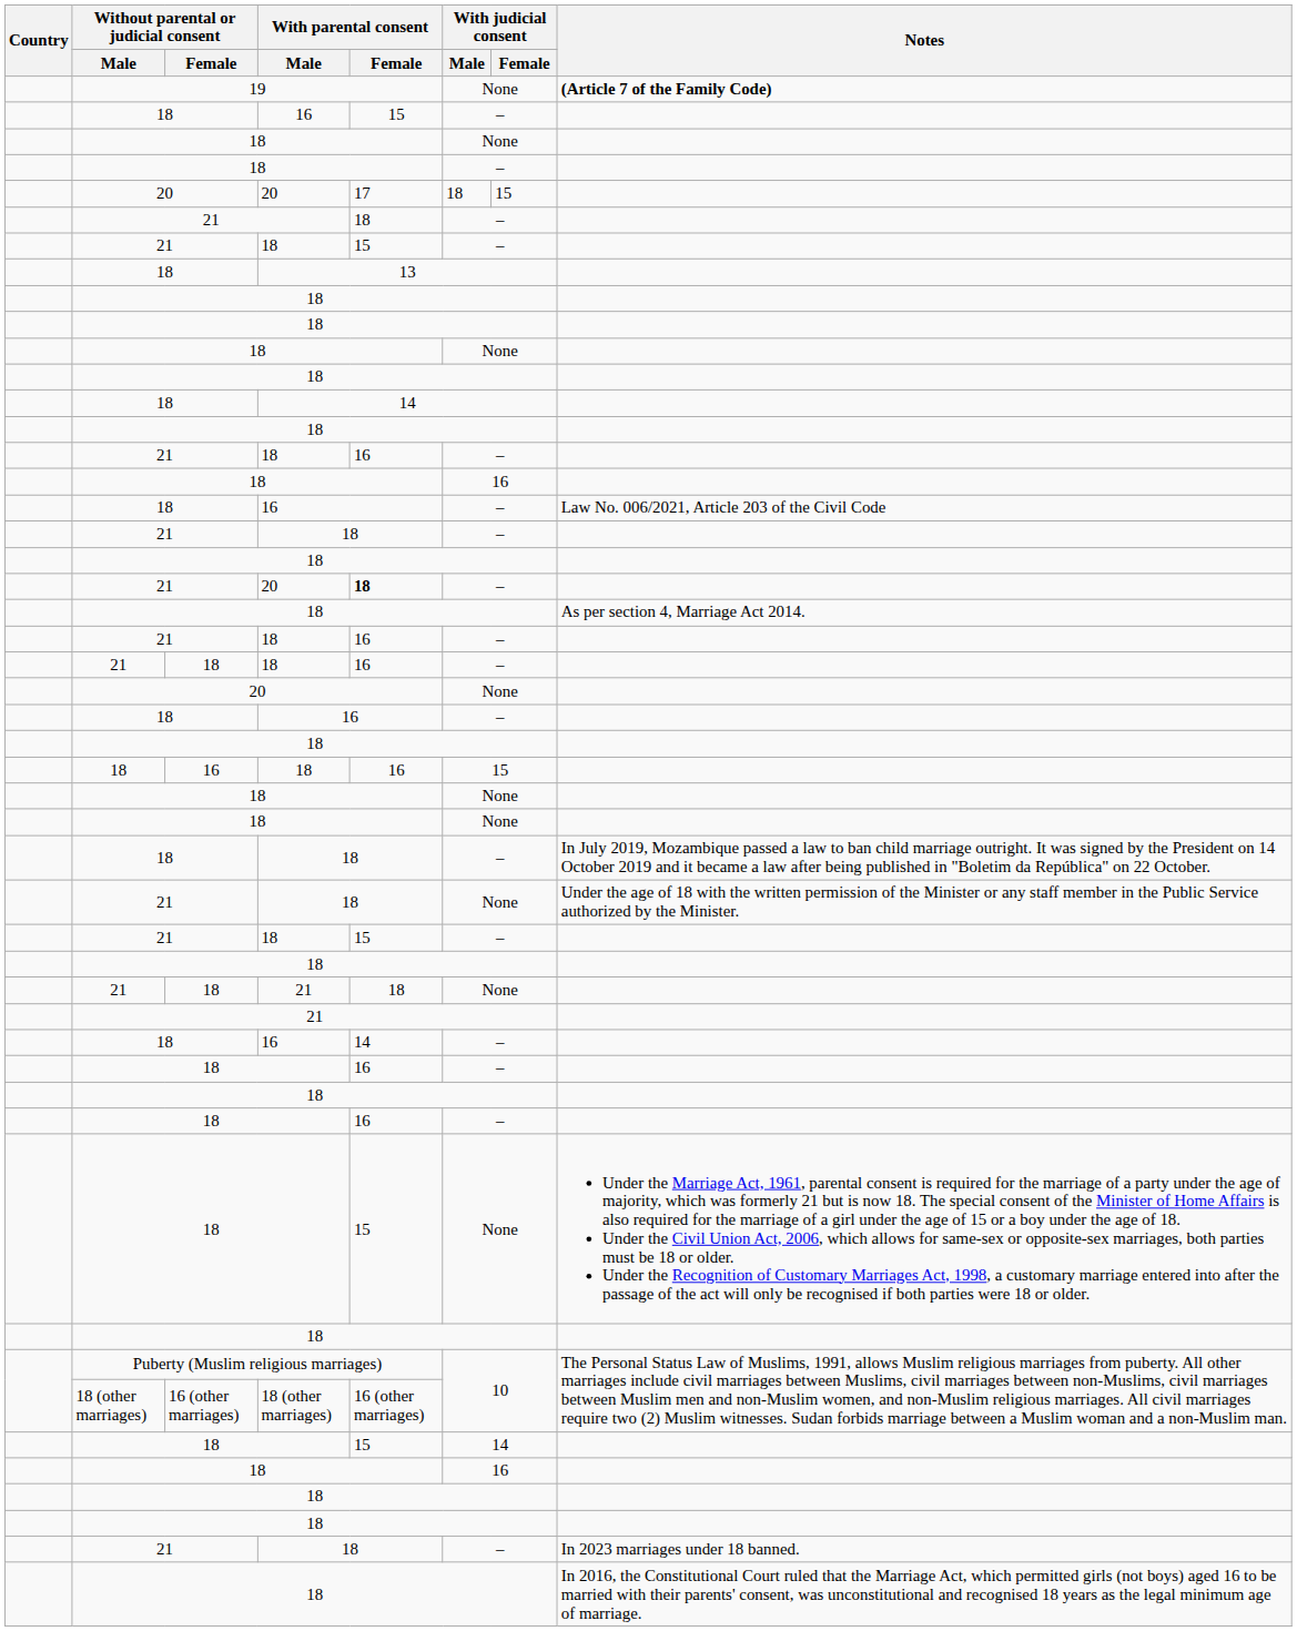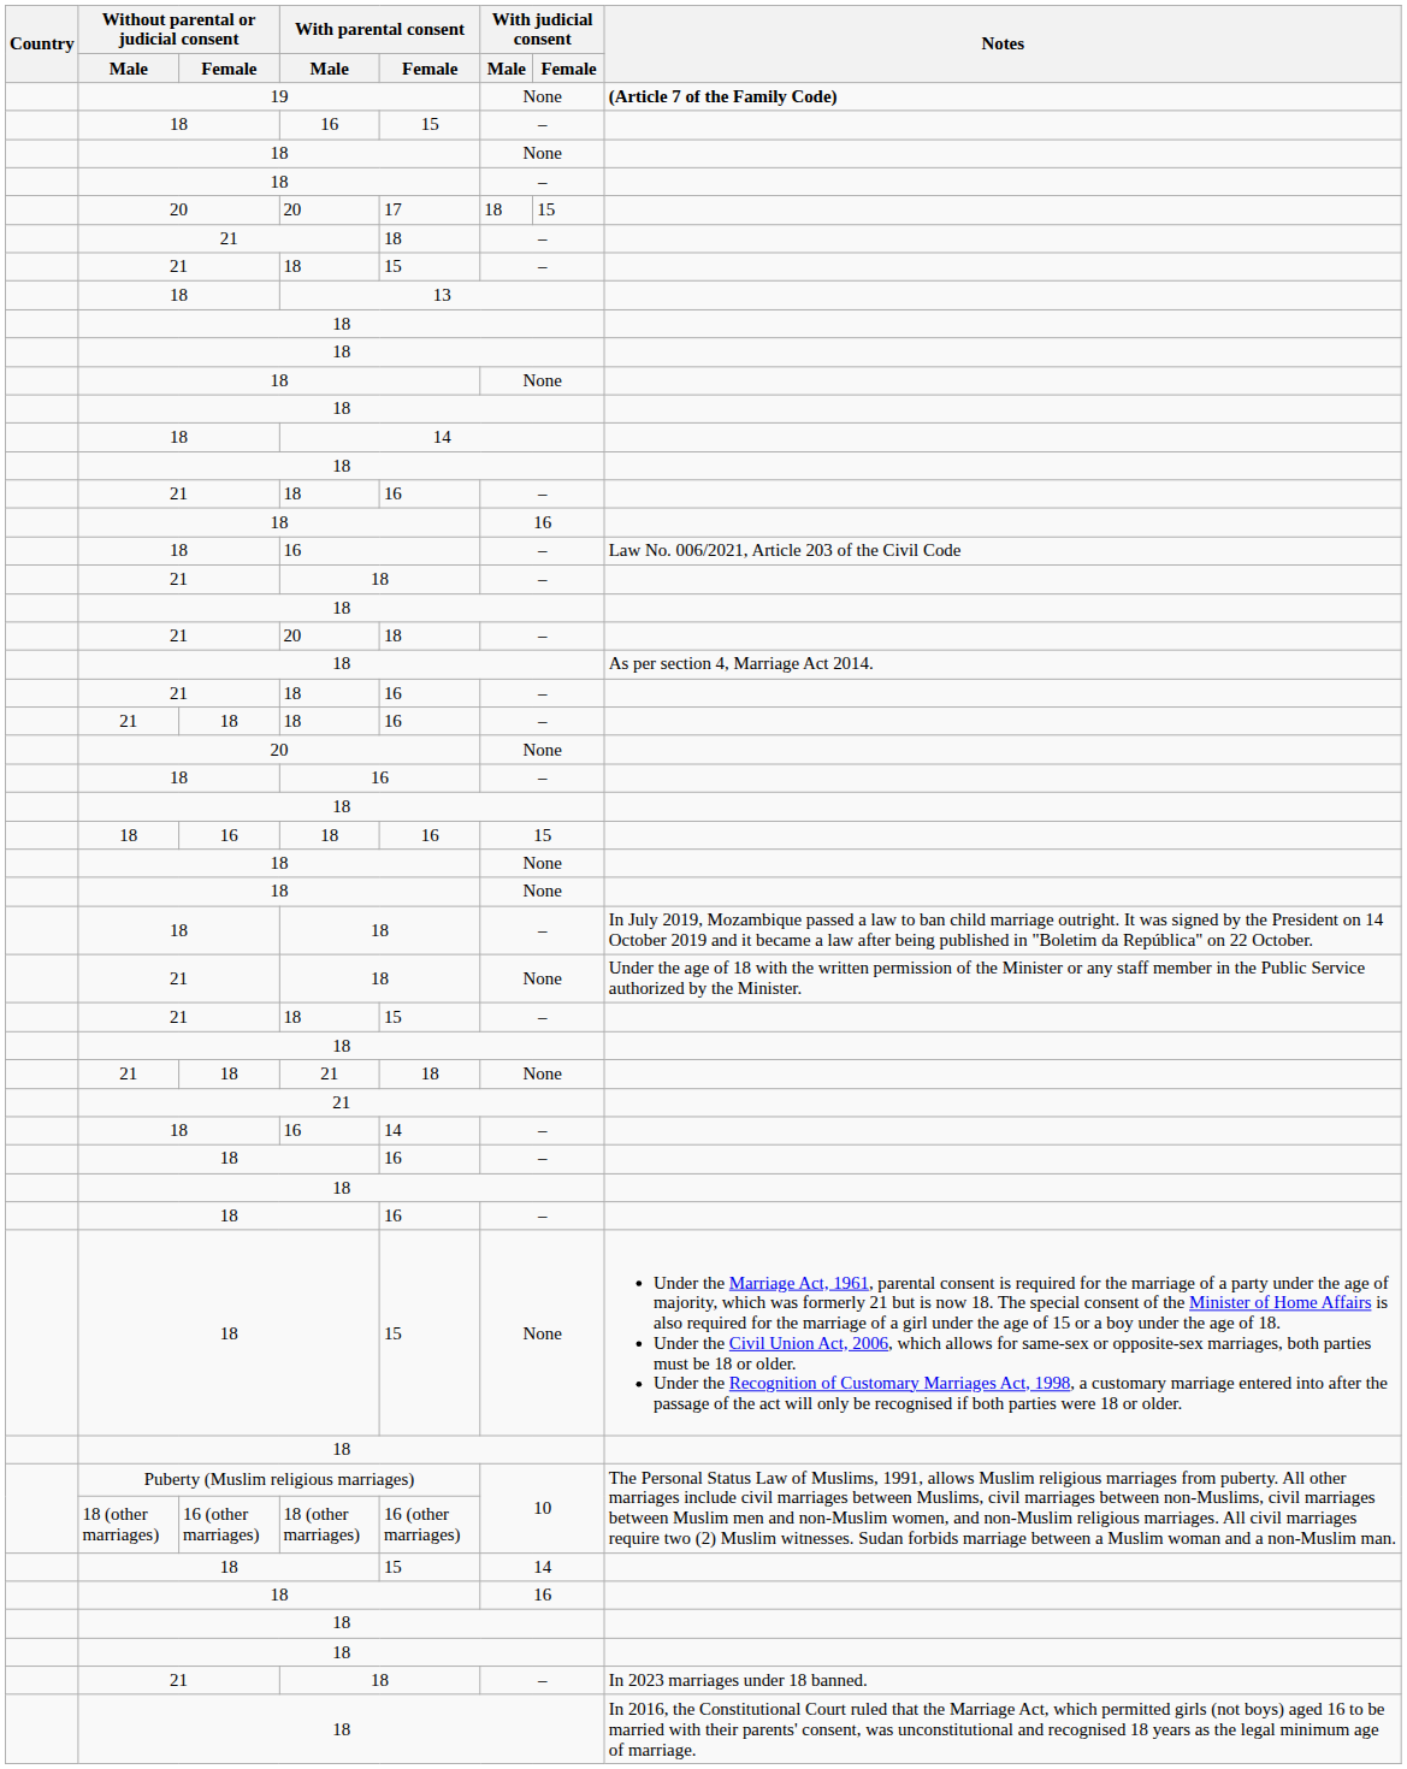 <table class="wikitable sortable">
 <tr>
 <th rowspan=2>Country</th>
 <th colspan=2>Without parental or judicial consent</th>
 <th colspan=2>With parental consent</th>
 <th colspan=2>With judicial consent</th>
 <th rowspan=2>Notes</th>
 </tr>
 <tr>
 <th>Male</th>
 <th>Female</th>
 <th>Male</th>
 <th>Female</th>
 <th>Male</th>
 <th>Female</th>
 </tr>
 <tr>
 <td></td>
 <td colspan=4 style="text-align:center;">19</td>
 <td colspan=2 style="text-align:center;">None</td>
 <td><strong>(Article 7 of the Family Code)</strong></td>
 </tr>
 <tr>
 <td></td>
 <td colspan=2 style="text-align:center;">18</td>
 <td style="text-align:center;">16</td>
 <td style="text-align:center;">15</td>
 <td colspan=2 style="text-align:center;">–</td>
 <td></td>
 </tr>
 <tr>
 <td></td>
 <td colspan=4 style="text-align:center;">18</td>
 <td colspan=2 style="text-align:center;">None</td>
 <td></td>
 </tr>
 <tr>
 <td></td>
 <td colspan="4" style="text-align:center;">18</td>
 <td colspan="2" style="text-align:center;">–</td>
 <td></td>
 </tr>
 <tr>
 <td></td>
 <td colspan=2 style="text-align:center;">20</td>
 <td>20</td>
 <td>17</td>
 <td>18</td>
 <td>15</td>
 <td></td>
 </tr>
 <tr>
 <td></td>
 <td colspan=3 style="text-align:center;">21</td>
 <td>18</td>
 <td colspan=2 style="text-align:center;">–</td>
 <td></td>
 </tr>
 <tr>
 <td></td>
 <td colspan=2 style="text-align:center;">21</td>
 <td>18</td>
 <td>15</td>
 <td colspan=2 style="text-align:center;">–</td>
 <td></td>
 </tr>
 <tr>
 <td></td>
 <td colspan="2" align="center">18</td>
 <td colspan="4" align="center">13</td>
 <td></td>
 </tr>
 <tr>
 <td></td>
 <td colspan="6" style="text-align:center;">18</td>
 <td></td>
 </tr>
 <tr>
 <td></td>
 <td colspan=6 style="text-align:center;">18</td>
 <td></td>
 </tr>
 <tr>
 <td></td>
 <td colspan=4 style="text-align:center;">18</td>
 <td colspan=2 style="text-align:center;">None</td>
 <td></td>
 </tr>
 <tr>
 <td></td>
 <td colspan=6 style="text-align:center;">18</td>
 <td></td>
 </tr>
 <tr>
 <td></td>
 <td colspan="2" style="text-align:center;">18</td>
 <td colspan="4" style="text-align:center;">14</td>
 <td></td>
 </tr>
 <tr>
 <td></td>
 <td colspan=6 style="text-align:center;">18</td>
 <td></td>
 </tr>
 <tr>
 <td></td>
 <td colspan=2 style="text-align:center;">21</td>
 <td>18</td>
 <td>16</td>
 <td colspan=2 style="text-align:center;">–</td>
 </tr>
 <tr>
 <td></td>
 <td colspan=4 style="text-align:center;">18</td>
 <td colspan=2 style="text-align:center;">16</td>
 <td></td>
 </tr>
 <tr>
 <td></td>
 <td colspan="2" style="text-align:center;">18</td>
 <td colspan="2">16</td>
 <td colspan="2" style="text-align:center;">–</td>
 <td>Law No. 006/2021, Article 203 of the Civil Code</td>
 </tr>
 <tr>
 <td></td>
 <td colspan=2 style="text-align:center;">21</td>
 <td colspan=2 style="text-align:center;">18</td>
 <td colspan=2 style="text-align:center;">–</td>
 <td></td>
 </tr>
 <tr>
 <td></td>
 <td colspan=6 style="text-align:center;">18</td>
 <td></td>
 </tr>
 <tr>
 <td></td>
 <td colspan=2 style="text-align:center;">21</td>
 <td>20</td>
-<td><strong>18</strong></td>
+<td>18</td>
 <td colspan=2 style="text-align:center;">–</td>
 <td></td>
 </tr>
 <tr>
 <td></td>
 <td colspan=6 style="text-align:center;">18</td>
 <td>As per section 4, Marriage Act 2014.</td>
 </tr>
 <tr>
 <td></td>
 <td colspan=2 style="text-align:center;">21</td>
 <td>18</td>
 <td>16</td>
 <td colspan=2 style="text-align:center;">–</td>
 <td></td>
 </tr>
 <tr>
 <td></td>
 <td align=center>21</td>
 <td align=center>18</td>
 <td>18</td>
 <td>16</td>
 <td colspan=2 style="text-align:center;">–</td>
 <td></td>
 </tr>
 <tr>
 <td></td>
 <td colspan=4 style="text-align:center;">20</td>
 <td colspan=2 style="text-align:center;">None</td>
 <td></td>
 </tr>
 <tr>
 <td></td>
 <td colspan=2 style="text-align:center;">18</td>
 <td colspan=2 style="text-align:center;">16</td>
 <td colspan=2 style="text-align:center;">–</td>
 <td></td>
 </tr>
 <tr>
 <td></td>
 <td colspan=6 style="text-align:center;">18</td>
 <td></td>
 </tr>
 <tr>
 <td></td>
 <td align=center>18</td>
 <td align=center>16</td>
 <td align=center>18</td>
 <td align=center>16</td>
 <td colspan=2 style="text-align:center;">15</td>
 <td></td>
 </tr>
 <tr>
 <td></td>
 <td colspan=4 style="text-align:center;">18</td>
 <td colspan=2 style="text-align:center;">None</td>
 <td></td>
 </tr>
 <tr>
 <td></td>
 <td colspan=4 style="text-align:center;">18</td>
 <td colspan=2 style="text-align:center;">None</td>
 <td></td>
 </tr>
 <tr>
 <td></td>
 <td colspan=2 style="text-align:center;">18</td>
 <td colspan=2 style="text-align:center;">18</td>
 <td colspan=2 style="text-align:center;">–</td>
 <td>In July 2019, Mozambique passed a law to ban child marriage outright. It was signed by the President on 14 October 2019 and it became a law after being published in "Boletim da República" on 22 October.</td>
 </tr>
 <tr>
 <td></td>
 <td colspan=2 style="text-align:center;">21</td>
 <td colspan=2 style="text-align:center;">18</td>
 <td colspan=2 style="text-align:center;">None</td>
 <td>Under the age of 18 with the written permission of the Minister or any staff member in the Public Service authorized by the Minister.</td>
 </tr>
 <tr>
 <td></td>
 <td colspan=2 style="text-align:center;">21</td>
 <td>18</td>
 <td>15</td>
 <td colspan=2 style="text-align:center;">–</td>
 <td></td>
 </tr>
 <tr>
 <td></td>
 <td colspan=6 style="text-align:center;">18</td>
 <td></td>
 </tr>
 <tr>
 <td></td>
 <td align=center>21</td>
 <td align=center>18</td>
 <td align=center>21</td>
 <td align=center>18</td>
 <td colspan=2 style="text-align:center;">None</td>
 <td></td>
 </tr>
 <tr>
 <td></td>
 <td colspan=6 style="text-align:center;">21</td>
 <td></td>
 </tr>
 <tr>
 <td></td>
 <td colspan=2 style="text-align:center;">18</td>
 <td>16</td>
 <td>14</td>
 <td colspan=2 style="text-align:center;">–</td>
 <td></td>
 </tr>
 <tr>
 <td></td>
 <td colspan=3 style="text-align:center;">18</td>
 <td>16</td>
 <td colspan=2 style="text-align:center;">–</td>
 <td></td>
 </tr>
 <tr>
 <td></td>
 <td colspan=6 style="text-align:center;">18</td>
 <td></td>
 </tr>
 <tr>
 <td></td>
 <td colspan=3 style="text-align:center;">18</td>
 <td>16</td>
 <td colspan=2 style="text-align:center;">–</td>
 <td></td>
 </tr>
 <tr>
 <td></td>
 <td colspan=3 style="text-align:center;">18</td>
 <td>15</td>
 <td colspan=2 style="text-align:center;">None</td>
 <td><br><ul><li>Under the <a href='#'>Marriage Act, 1961</a>, parental consent is required for the marriage of a party under the age of majority, which was formerly 21 but is now 18. The special consent of the <a href='#'>Minister of Home Affairs</a> is also required for the marriage of a girl under the age of 15 or a boy under the age of 18.</li><li>Under the <a href='#'>Civil Union Act, 2006</a>, which allows for same-sex or opposite-sex marriages, both parties must be 18 or older.</li><li>Under the <a href='#'>Recognition of Customary Marriages Act, 1998</a>, a customary marriage entered into after the passage of the act will only be recognised if both parties were 18 or older.</li></ul></td>
 </tr>
 <tr>
 <td></td>
 <td colspan=6 style="text-align:center;">18</td>
 <td></td>
 </tr>
 <tr>
 <td rowspan=2></td>
 <td style="text-align:center;" colspan=4>Puberty (Muslim religious marriages)</td>
 <td colspan="2" rowspan=2 style="text-align:center;">10</td>
 <td rowspan=2>The Personal Status Law of Muslims, 1991, allows Muslim religious marriages from puberty. All other marriages include civil marriages between Muslims, civil marriages between non-Muslims, civil marriages between Muslim men and non-Muslim women, and non-Muslim religious marriages. All civil marriages require two (2) Muslim witnesses. Sudan forbids marriage between a Muslim woman and a non-Muslim man.</td>
 </tr>
 <tr>
 <td>18 (other marriages)</td>
 <td>16 (other marriages)</td>
 <td>18 (other marriages)</td>
 <td>16 (other marriages)</td>
 </tr>
 <tr>
 <td></td>
 <td colspan=3 style="text-align:center;">18</td>
 <td>15</td>
 <td colspan=2 align=center>14</td>
 <td></td>
 </tr>
 <tr>
 <td></td>
 <td colspan=4 style="text-align:center;">18</td>
 <td colspan=2 style="text-align:center;">16</td>
 <td></td>
 </tr>
 <tr>
 <td></td>
 <td colspan=6 style="text-align:center;">18</td>
 <td></td>
 </tr>
 <tr>
 <td></td>
 <td colspan=6 style="text-align:center;">18</td>
 <td></td>
 </tr>
 <tr>
 <td></td>
 <td colspan=2 style="text-align:center;">21</td>
 <td colspan=2 style="text-align:center;">18</td>
 <td colspan=2 style="text-align:center;">–</td>
 <td>In 2023 marriages under 18 banned.</td>
 </tr>
 <tr>
 <td></td>
 <td colspan=6 style="text-align:center;">18</td>
 <td>In 2016, the Constitutional Court ruled that the Marriage Act, which permitted girls (not boys) aged 16 to be married with their parents' consent, was unconstitutional and recognised 18 years as the legal minimum age of marriage.</td>
 </tr>
 </table>
